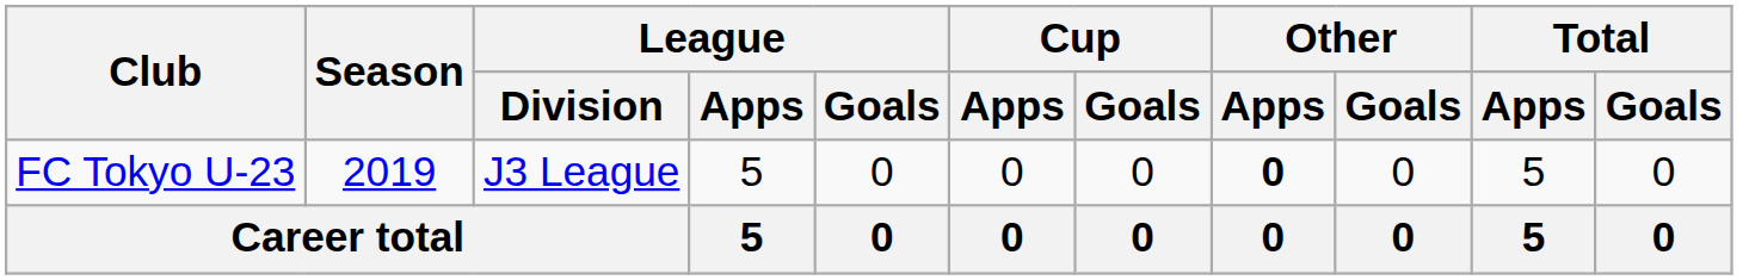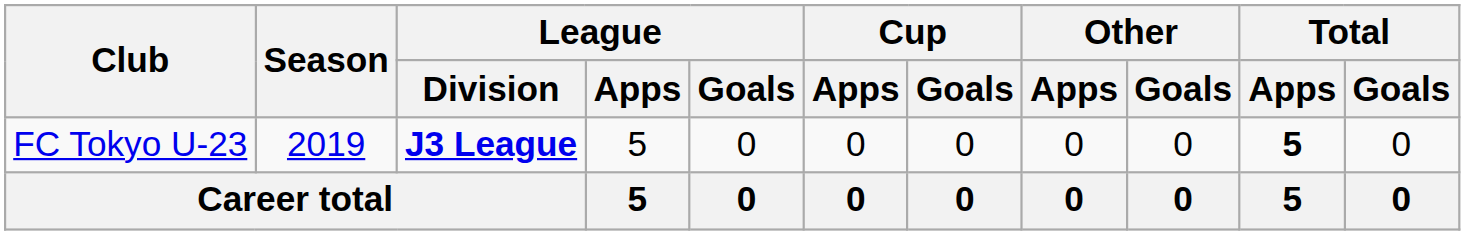 <table class="wikitable" style="text-align: center">
 <tr>
 <th rowspan="2">Club</th>
 <th rowspan="2">Season</th>
 <th colspan="3">League</th>
 <th colspan="2">Cup</th>
 <th colspan="2">Other</th>
 <th colspan="2">Total</th>
 </tr>
 <tr>
 <th>Division</th>
 <th>Apps</th>
 <th>Goals</th>
 <th>Apps</th>
 <th>Goals</th>
 <th>Apps</th>
 <th>Goals</th>
 <th>Apps</th>
 <th>Goals</th>
 </tr>
 <tr>
 <td><a href='#'>FC Tokyo U-23</a></td>
 <td><a href='#'>2019</a></td>
-<td><a href='#'>J3 League</a></td>
+<td><strong><a href='#'>J3 League</a></strong></td>
 <td>5</td>
 <td>0</td>
 <td>0</td>
 <td>0</td>
-<td><strong>0</strong></td>
 <td>0</td>
-<td>5</td>
+<td>0</td>
+<td><strong>5</strong></td>
 <td>0</td>
 </tr>
 <tr>
 <th colspan=3>Career total</th>
 <th>5</th>
 <th>0</th>
 <th>0</th>
 <th>0</th>
 <th>0</th>
 <th>0</th>
 <th>5</th>
 <th>0</th>
 </tr>
 </table>
